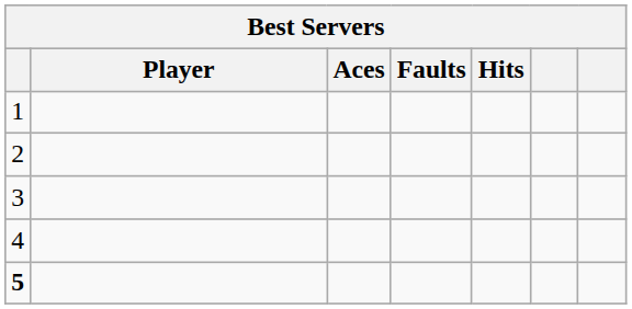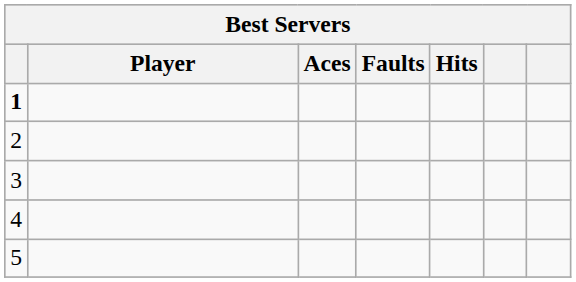 <table class="wikitable sortable" style=font-size:90%>
 <tr>
 <th colspan=7>Best Servers</th>
 </tr>
 <tr>
 <th></th>
 <th width=158>Player</th>
 <th width=20>Aces</th>
 <th width=20>Faults</th>
 <th width=20>Hits</th>
 <th width=20></th>
 <th width=20></th>
 </tr>
 <tr>
-<td>1</td>
+<td><strong>1</strong></td>
 <td></td>
 <td align=center></td>
 <td align=center></td>
 <td align=center></td>
 <td align=center></td>
 <td align=center></td>
 </tr>
 <tr>
 <td>2</td>
 <td></td>
 <td align=center></td>
 <td align=center></td>
 <td align=center></td>
 <td align=center></td>
 <td align=center></td>
 </tr>
 <tr>
 <td>3</td>
 <td></td>
 <td align=center></td>
 <td align=center></td>
 <td align=center></td>
 <td align=center></td>
 <td align=center></td>
 </tr>
 <tr>
 <td>4</td>
 <td></td>
 <td align=center></td>
 <td align=center></td>
 <td align=center></td>
 <td align=center></td>
 <td align=center></td>
 </tr>
 <tr>
-<td><strong>5</strong></td>
+<td>5</td>
 <td></td>
 <td align=center></td>
 <td align=center></td>
 <td align=center></td>
 <td align=center></td>
 <td align=center></td>
 </tr>
 </table>
